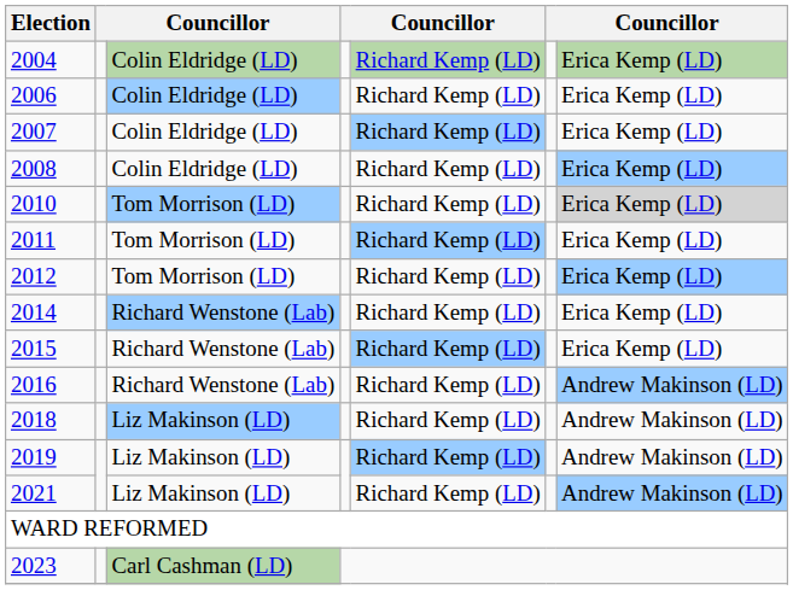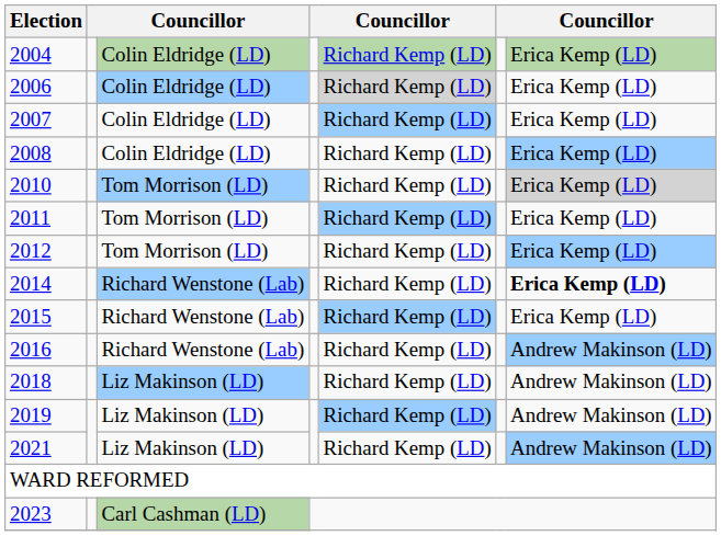 <table class="wikitable">
 <tr>
 <th>Election</th>
 <th colspan="2">Councillor</th>
 <th colspan="2">Councillor</th>
 <th colspan="2">Councillor</th>
 </tr>
 <tr>
 <td><a href='#'>2004</a></td>
 <td style="background-color: "></td>
 <td bgcolor="#B6D7A8">Colin Eldridge (<a href='#'>LD</a>)</td>
 <td style="background-color: "></td>
 <td bgcolor="#B6D7A8"><a href='#'>Richard Kemp</a> (<a href='#'>LD</a>)</td>
 <td style="background-color: "></td>
 <td bgcolor="#B6D7A8">Erica Kemp (<a href='#'>LD</a>)</td>
 </tr>
 <tr>
 <td><a href='#'>2006</a></td>
 <td style="background-color: "></td>
 <td bgcolor="#99CCFF">Colin Eldridge (<a href='#'>LD</a>)</td>
 <td style="background-color: "></td>
-<td>Richard Kemp (<a href='#'>LD</a>)</td>
+<td style="background: lightgrey;">Richard Kemp (<a href='#'>LD</a>)</td>
 <td style="background-color: "></td>
 <td>Erica Kemp (<a href='#'>LD</a>)</td>
 </tr>
 <tr>
 <td><a href='#'>2007</a></td>
 <td style="background-color: "></td>
 <td>Colin Eldridge (<a href='#'>LD</a>)</td>
 <td style="background-color: "></td>
 <td bgcolor="#99CCFF">Richard Kemp (<a href='#'>LD</a>)</td>
 <td style="background-color: "></td>
 <td>Erica Kemp (<a href='#'>LD</a>)</td>
 </tr>
 <tr>
 <td><a href='#'>2008</a></td>
 <td style="background-color: "></td>
 <td>Colin Eldridge (<a href='#'>LD</a>)</td>
 <td style="background-color: "></td>
 <td>Richard Kemp (<a href='#'>LD</a>)</td>
 <td style="background-color: "></td>
 <td bgcolor="#99CCFF">Erica Kemp (<a href='#'>LD</a>)</td>
 </tr>
 <tr>
 <td><a href='#'>2010</a></td>
 <td style="background-color: "></td>
 <td bgcolor="#99CCFF">Tom Morrison (<a href='#'>LD</a>)</td>
 <td style="background-color: "></td>
 <td>Richard Kemp (<a href='#'>LD</a>)</td>
 <td style="background-color: "></td>
 <td style="background: lightgrey;">Erica Kemp (<a href='#'>LD</a>)</td>
 </tr>
 <tr>
 <td><a href='#'>2011</a></td>
 <td style="background-color: "></td>
 <td>Tom Morrison (<a href='#'>LD</a>)</td>
 <td style="background-color: "></td>
 <td bgcolor="#99CCFF">Richard Kemp (<a href='#'>LD</a>)</td>
 <td style="background-color: "></td>
 <td>Erica Kemp (<a href='#'>LD</a>)</td>
 </tr>
 <tr>
 <td><a href='#'>2012</a></td>
 <td style="background-color: "></td>
 <td>Tom Morrison (<a href='#'>LD</a>)</td>
 <td style="background-color: "></td>
 <td>Richard Kemp (<a href='#'>LD</a>)</td>
 <td style="background-color: "></td>
 <td bgcolor="#99CCFF">Erica Kemp (<a href='#'>LD</a>)</td>
 </tr>
 <tr>
 <td><a href='#'>2014</a></td>
 <td style="background-color: "></td>
 <td bgcolor="#99CCFF">Richard Wenstone (<a href='#'>Lab</a>)</td>
 <td style="background-color: "></td>
 <td>Richard Kemp (<a href='#'>LD</a>)</td>
 <td style="background-color: "></td>
-<td>Erica Kemp (<a href='#'>LD</a>)</td>
+<td><strong>Erica Kemp (<a href='#'>LD</a>)</strong></td>
 </tr>
 <tr>
 <td><a href='#'>2015</a></td>
 <td style="background-color: "></td>
 <td>Richard Wenstone (<a href='#'>Lab</a>)</td>
 <td style="background-color: "></td>
 <td bgcolor="#99CCFF">Richard Kemp (<a href='#'>LD</a>)</td>
 <td style="background-color: "></td>
 <td>Erica Kemp (<a href='#'>LD</a>)</td>
 </tr>
 <tr>
 <td><a href='#'>2016</a></td>
 <td style="background-color: "></td>
 <td>Richard Wenstone (<a href='#'>Lab</a>)</td>
 <td style="background-color: "></td>
 <td>Richard Kemp (<a href='#'>LD</a>)</td>
 <td style="background-color: "></td>
 <td bgcolor="#99CCFF">Andrew Makinson (<a href='#'>LD</a>)</td>
 </tr>
 <tr>
 <td><a href='#'>2018</a></td>
 <td style="background-color: "></td>
 <td bgcolor="#99CCFF">Liz Makinson (<a href='#'>LD</a>)</td>
 <td style="background-color: "></td>
 <td>Richard Kemp (<a href='#'>LD</a>)</td>
 <td style="background-color: "></td>
 <td>Andrew Makinson (<a href='#'>LD</a>)</td>
 </tr>
 <tr>
 <td><a href='#'>2019</a></td>
 <td rowspan="2" style="background-color: "></td>
 <td>Liz Makinson (<a href='#'>LD</a>)</td>
 <td rowspan="2" style="background-color: "></td>
 <td bgcolor="#99CCFF">Richard Kemp (<a href='#'>LD</a>)</td>
 <td rowspan="1" style="background-color: "></td>
 <td>Andrew Makinson (<a href='#'>LD</a>)</td>
 </tr>
 <tr>
 <td><a href='#'>2021</a></td>
 <td>Liz Makinson (<a href='#'>LD</a>)</td>
 <td>Richard Kemp (<a href='#'>LD</a>)</td>
 <td style="background-color: "></td>
 <td bgcolor="#99CCFF">Andrew Makinson (<a href='#'>LD</a>)</td>
 </tr>
 <tr>
 <td colspan="8" bgcolor="#FFF"><div>WARD REFORMED</div></td>
 </tr>
 <tr>
 <td><a href='#'>2023</a></td>
 <td style="background-color: "></td>
 <td bgcolor="#B6D7A8">Carl Cashman (<a href='#'>LD</a>)</td>
 </tr>
 <tr>
 </tr>
 </table>
